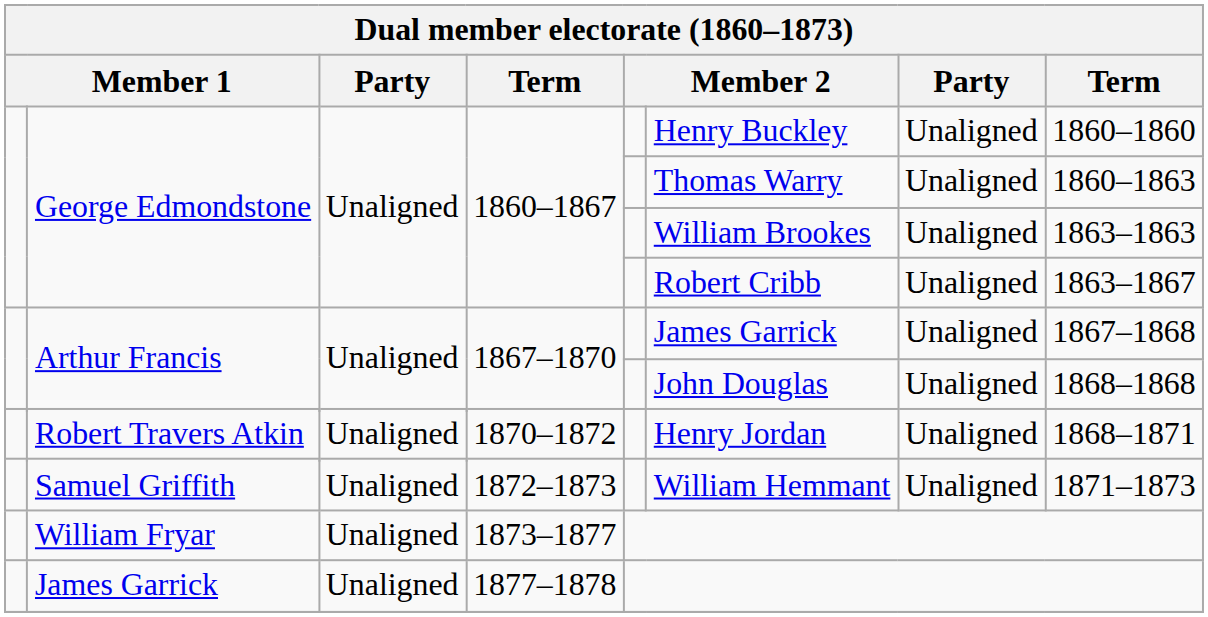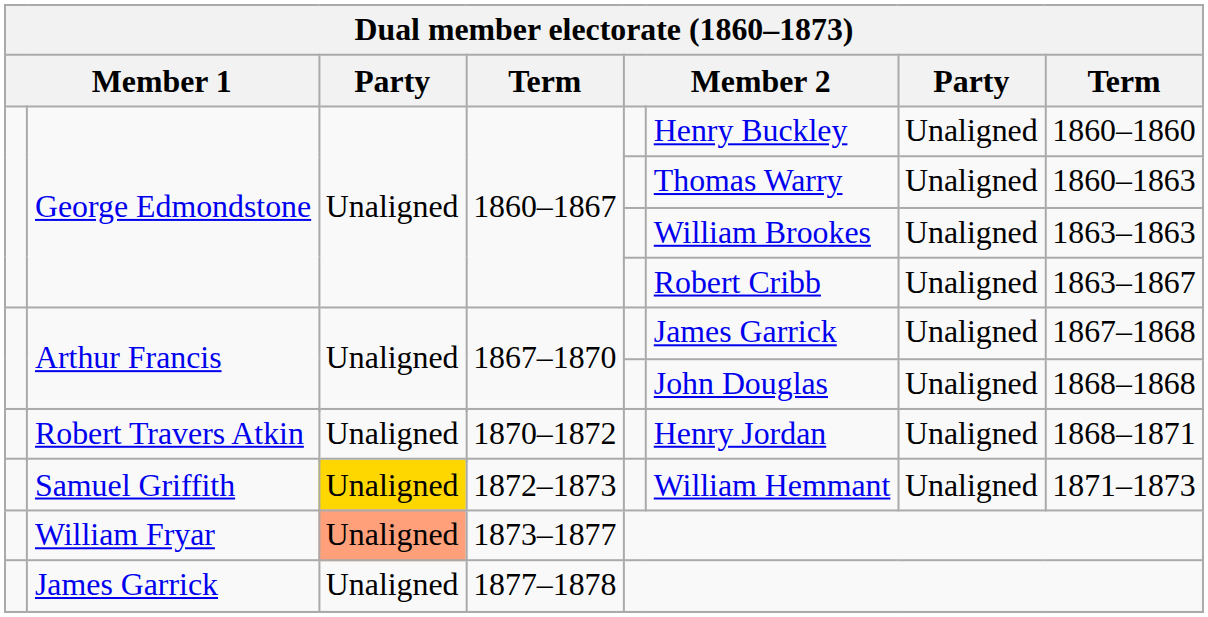 <table class="wikitable">
 <tr>
 <th colspan="8">Dual member electorate (1860–1873)</th>
 </tr>
 <tr>
 <th colspan="2">Member 1</th>
 <th>Party</th>
 <th>Term</th>
 <th colspan="2">Member 2</th>
 <th>Party</th>
 <th>Term</th>
 </tr>
 <tr>
 <td rowspan="4" > </td>
 <td rowspan="4"><a href='#'>George Edmondstone</a></td>
 <td rowspan="4">Unaligned</td>
 <td rowspan="4">1860–1867</td>
 <td> </td>
 <td><a href='#'>Henry Buckley</a></td>
 <td>Unaligned</td>
 <td>1860–1860</td>
 </tr>
 <tr>
 <td> </td>
 <td><a href='#'>Thomas Warry</a></td>
 <td>Unaligned</td>
 <td>1860–1863</td>
 </tr>
 <tr>
 <td> </td>
 <td><a href='#'>William Brookes</a></td>
 <td>Unaligned</td>
 <td>1863–1863</td>
 </tr>
 <tr>
 <td> </td>
 <td><a href='#'>Robert Cribb</a></td>
 <td>Unaligned</td>
 <td>1863–1867</td>
 </tr>
 <tr>
 <td rowspan="3" > </td>
 <td rowspan="3"><a href='#'>Arthur Francis</a></td>
 <td rowspan="3">Unaligned</td>
 <td rowspan="3">1867–1870</td>
 <td> </td>
 <td><a href='#'>James Garrick</a></td>
 <td>Unaligned</td>
 <td>1867–1868</td>
 </tr>
 <tr>
 <td> </td>
 <td><a href='#'>John Douglas</a></td>
 <td>Unaligned</td>
 <td>1868–1868</td>
 </tr>
 <tr>
 <td rowspan="2" > </td>
 <td rowspan="2"><a href='#'>Henry Jordan</a></td>
 <td rowspan="2">Unaligned</td>
 <td rowspan="2">1868–1871</td>
 </tr>
 <tr>
 <td rowspan="2" > </td>
 <td rowspan="2"><a href='#'>Robert Travers Atkin</a></td>
 <td rowspan="2">Unaligned</td>
 <td rowspan="2">1870–1872</td>
 </tr>
 <tr>
 <td rowspan="2" > </td>
 <td rowspan="2"><a href='#'>William Hemmant</a></td>
 <td rowspan="2">Unaligned</td>
 <td rowspan="2">1871–1873</td>
 </tr>
 <tr>
 <td> </td>
 <td><a href='#'>Samuel Griffith</a></td>
-<td>Unaligned</td>
+<td style="background: gold;">Unaligned</td>
 <td>1872–1873</td>
 </tr>
 <tr>
 <td> </td>
 <td><a href='#'>William Fryar</a></td>
-<td>Unaligned</td>
+<td style="background: lightsalmon;">Unaligned</td>
 <td>1873–1877</td>
 <td colspan="4"></td>
 </tr>
 <tr>
 <td> </td>
 <td><a href='#'>James Garrick</a></td>
 <td>Unaligned</td>
 <td>1877–1878</td>
 <td colspan="4"></td>
 </tr>
 <tr>
 </tr>
 </table>
